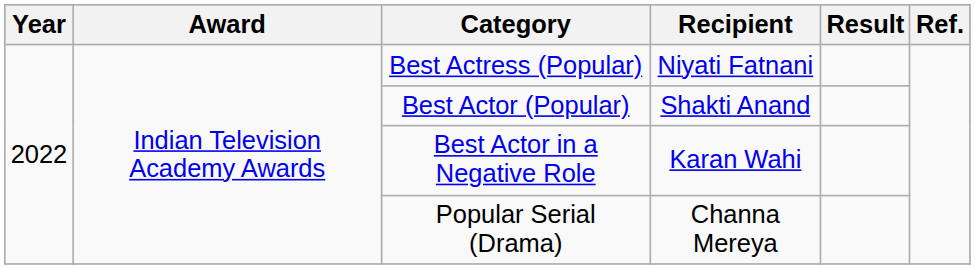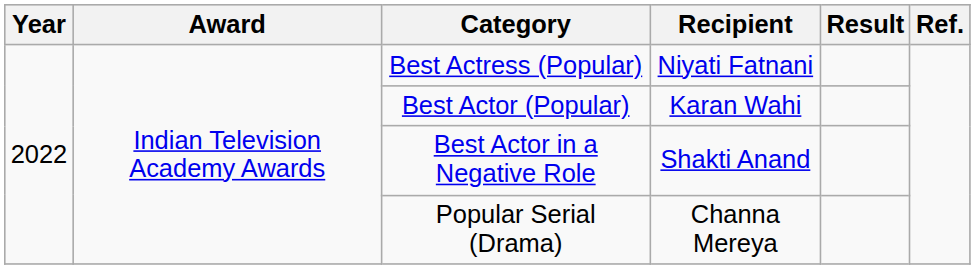 <table class="wikitable" style="text-align:center;">
 <tr>
 <th>Year</th>
 <th>Award</th>
 <th>Category</th>
 <th>Recipient</th>
 <th>Result</th>
 <th>Ref.</th>
 </tr>
 <tr>
 <td rowspan="4">2022</td>
 <td rowspan="4"><a href='#'>Indian Television Academy Awards</a></td>
 <td><a href='#'>Best Actress (Popular)</a></td>
 <td><a href='#'>Niyati Fatnani</a></td>
 <td></td>
 <td rowspan="4"></td>
 </tr>
 <tr>
 <td><a href='#'>Best Actor (Popular)</a></td>
-<td><a href='#'>Shakti Anand</a></td>
+<td><a href='#'>Karan Wahi</a></td>
 <td></td>
 </tr>
 <tr>
 <td><a href='#'>Best Actor in a Negative Role</a></td>
-<td><a href='#'>Karan Wahi</a></td>
+<td><a href='#'>Shakti Anand</a></td>
 <td></td>
 </tr>
 <tr>
 <td>Popular Serial (Drama)</td>
 <td>Channa Mereya</td>
 <td></td>
 </tr>
 </table>
